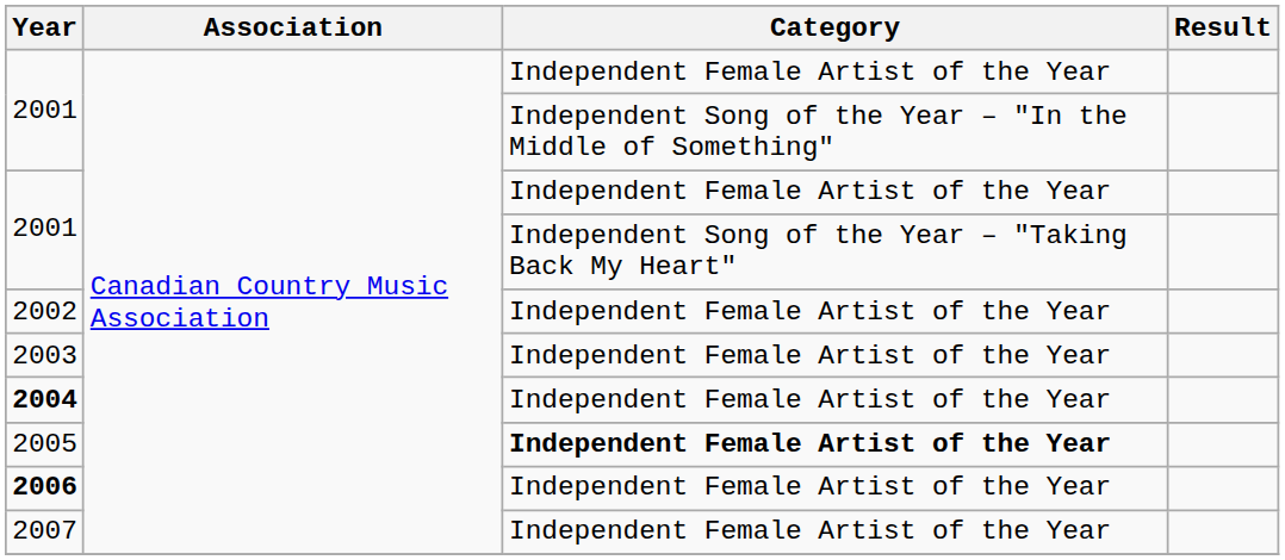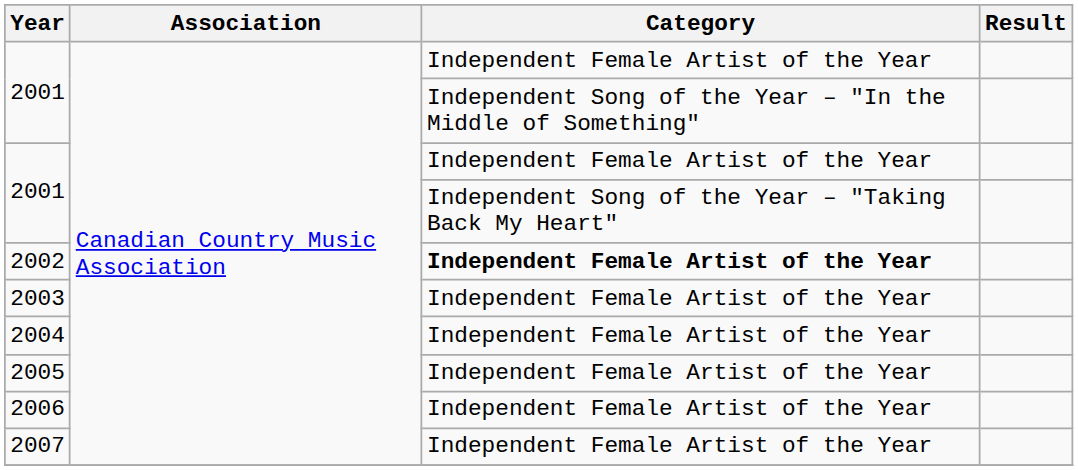 <table class="wikitable">
 <tr>
 <th>Year</th>
 <th>Association</th>
 <th>Category</th>
 <th>Result</th>
 </tr>
 <tr>
 <td rowspan="2">2001</td>
 <td rowspan="10"><a href='#'>Canadian Country Music Association</a></td>
 <td>Independent Female Artist of the Year</td>
 <td></td>
 </tr>
 <tr>
 <td>Independent Song of the Year – "In the Middle of Something"</td>
 <td></td>
 </tr>
 <tr>
 <td rowspan="2">2001</td>
 <td>Independent Female Artist of the Year</td>
 <td></td>
 </tr>
 <tr>
 <td>Independent Song of the Year – "Taking Back My Heart"</td>
 <td></td>
 </tr>
 <tr>
 <td>2002</td>
-<td>Independent Female Artist of the Year</td>
+<td><strong>Independent Female Artist of the Year</strong></td>
 <td></td>
 </tr>
 <tr>
 <td>2003</td>
 <td>Independent Female Artist of the Year</td>
 <td></td>
 </tr>
 <tr>
-<td><strong>2004</strong></td>
+<td>2004</td>
 <td>Independent Female Artist of the Year</td>
 <td></td>
 </tr>
 <tr>
 <td>2005</td>
-<td><strong>Independent Female Artist of the Year</strong></td>
+<td>Independent Female Artist of the Year</td>
 <td></td>
 </tr>
 <tr>
-<td><strong>2006</strong></td>
+<td>2006</td>
 <td>Independent Female Artist of the Year</td>
 <td></td>
 </tr>
 <tr>
 <td>2007</td>
 <td>Independent Female Artist of the Year</td>
 <td></td>
 </tr>
 <tr>
 </tr>
 </table>
